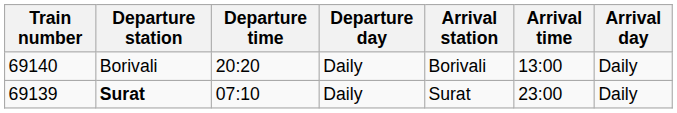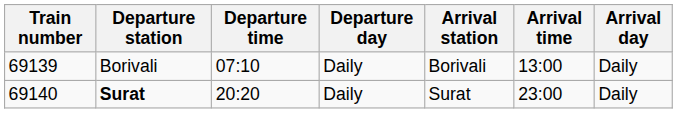 <table class="wikitable">
 <tr>
 <th>Train number</th>
 <th>Departure station</th>
 <th>Departure time</th>
 <th>Departure day</th>
 <th>Arrival station</th>
 <th>Arrival time</th>
 <th>Arrival day</th>
 </tr>
 <tr>
-<td>69140</td>
+<td>69139</td>
 <td>Borivali</td>
-<td>20:20</td>
+<td>07:10</td>
 <td>Daily</td>
 <td>Borivali</td>
 <td>13:00</td>
 <td>Daily</td>
 </tr>
 <tr>
-<td>69139</td>
+<td>69140</td>
 <td><strong>Surat</strong></td>
-<td>07:10</td>
+<td>20:20</td>
 <td>Daily</td>
 <td>Surat</td>
 <td>23:00</td>
 <td>Daily</td>
 </tr>
 </table>
